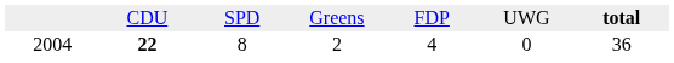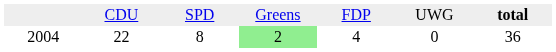 <table border="0" cellpadding="2" cellspacing="0">
 <tr bgcolor="#eeeeee" align="center">
 <td width = "9%"></td>
 <td width = "9%"><a href='#'>CDU</a></td>
 <td width = "9%"><a href='#'>SPD</a></td>
 <td width = "9%"><a href='#'>Greens</a></td>
 <td width = "9%"><a href='#'>FDP</a></td>
 <td width = "9%">UWG</td>
 <td width = "9%"><strong>total</strong></td>
 </tr>
 <tr align="center">
 <td>2004</td>
-<td><strong>22</strong></td>
+<td>22</td>
 <td>8</td>
-<td>2</td>
+<td style="background: lightgreen;">2</td>
 <td>4</td>
 <td>0</td>
 <td>36</td>
 </tr>
 </table>
